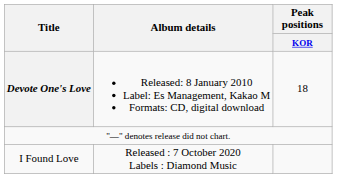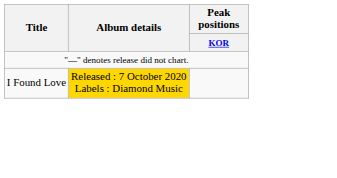 <table class="wikitable plainrowheaders" style="text-align:center;">
 <tr>
 <th scope="col" rowspan="2">Title</th>
 <th scope="col" rowspan="2">Album details</th>
 <th scope="col" colspan="1" style="width:5em;">Peak positions</th>
 </tr>
 <tr>
 <th><small><a href='#'>KOR</a></small><br></th>
 </tr>
 <tr>
-<th scope="row"><em>Devote One's Love</em></th>
-<td><br><ul><li>Released: 8 January 2010</li><li>Label: Es Management, Kakao M</li><li>Formats: CD, digital download</li></ul></td>
-<td>18</td>
-</tr>
-<tr>
 <td colspan="3" align="center"><small>"—" denotes release did not chart.</small></td>
 </tr>
 <tr>
 <td>I Found Love</td>
-<td>Released : 7 October 2020<br>Labels : Diamond Music </td>
+<td style="background: gold;">Released : 7 October 2020<br>Labels : Diamond Music </td>
 <td></td>
 </tr>
 </table>
